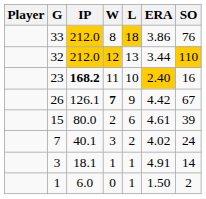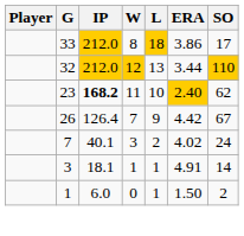 <table class="wikitable sortable">
 <tr>
 <th>Player</th>
 <th>G</th>
 <th>IP</th>
 <th>W</th>
 <th>L</th>
 <th>ERA</th>
 <th>SO</th>
 </tr>
 <tr align="center">
 <td></td>
 <td>33</td>
 <td style="background:#fc0;">212.0</td>
 <td>8</td>
 <td style="background:#fc0;">18</td>
 <td>3.86</td>
-<td>76</td>
+<td>17</td>
 </tr>
 <tr align="center">
 <td></td>
 <td>32</td>
 <td style="background:#fc0;">212.0</td>
 <td style="background:#fc0;">12</td>
 <td>13</td>
 <td>3.44</td>
 <td style="background:#fc0;">110</td>
 </tr>
 <tr align="center">
 <td></td>
 <td>23</td>
 <td><strong>168.2</strong></td>
 <td>11</td>
 <td>10</td>
 <td style="background:#fc0;">2.40</td>
-<td>16</td>
+<td>62</td>
 </tr>
 <tr align="center">
 <td></td>
 <td>26</td>
-<td>126.1</td>
-<td><strong>7</strong></td>
+<td>126.4</td>
+<td>7</td>
 <td>9</td>
 <td>4.42</td>
 <td>67</td>
-</tr>
-<tr align="center">
-<td></td>
-<td>15</td>
-<td>80.0</td>
-<td>2</td>
-<td>6</td>
-<td>4.61</td>
-<td>39</td>
 </tr>
 <tr align="center">
 <td></td>
 <td>7</td>
 <td>40.1</td>
 <td>3</td>
 <td>2</td>
 <td>4.02</td>
 <td>24</td>
 </tr>
 <tr align="center">
 <td></td>
 <td>3</td>
 <td>18.1</td>
 <td>1</td>
 <td>1</td>
 <td>4.91</td>
 <td>14</td>
 </tr>
 <tr align="center">
 <td></td>
 <td>1</td>
 <td>6.0</td>
 <td>0</td>
 <td>1</td>
 <td>1.50</td>
 <td>2</td>
 </tr>
 </table>
